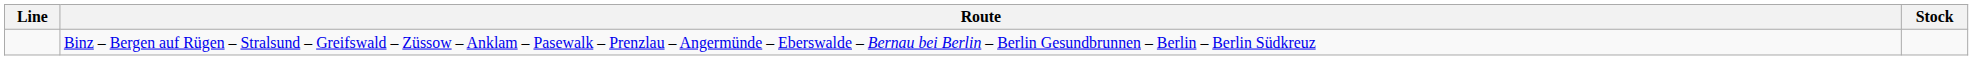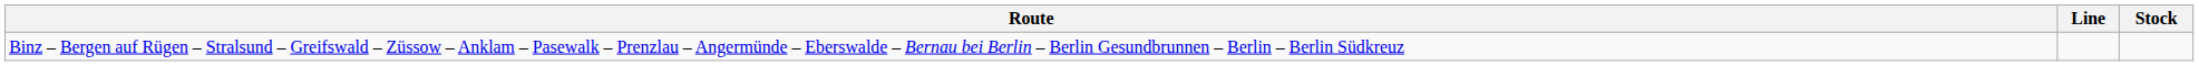 <table class="wikitable" width="100%">
 <tr>
+<th>Route</th>
 <th>Line</th>
-<th>Route</th>
 <th>Stock</th>
 </tr>
 <tr>
+<td><a href='#'>Binz</a> – <a href='#'>Bergen auf Rügen</a> – <a href='#'>Stralsund</a> – <a href='#'>Greifswald</a> – <a href='#'>Züssow</a> – <a href='#'>Anklam</a> – <a href='#'>Pasewalk</a> – <a href='#'>Prenzlau</a> – <a href='#'>Angermünde</a> – <a href='#'>Eberswalde</a> – <em><a href='#'>Bernau bei Berlin</a></em> – <a href='#'>Berlin Gesundbrunnen</a> – <a href='#'>Berlin</a> – <a href='#'>Berlin Südkreuz</a></td>
 <td></td>
-<td><a href='#'>Binz</a> – <a href='#'>Bergen auf Rügen</a> – <a href='#'>Stralsund</a> – <a href='#'>Greifswald</a> – <a href='#'>Züssow</a> – <a href='#'>Anklam</a> – <a href='#'>Pasewalk</a> – <a href='#'>Prenzlau</a> – <a href='#'>Angermünde</a> – <a href='#'>Eberswalde</a> – <em><a href='#'>Bernau bei Berlin</a></em> – <a href='#'>Berlin Gesundbrunnen</a> – <a href='#'>Berlin</a> – <a href='#'>Berlin Südkreuz</a></td>
 <td></td>
 </tr>
 </table>
